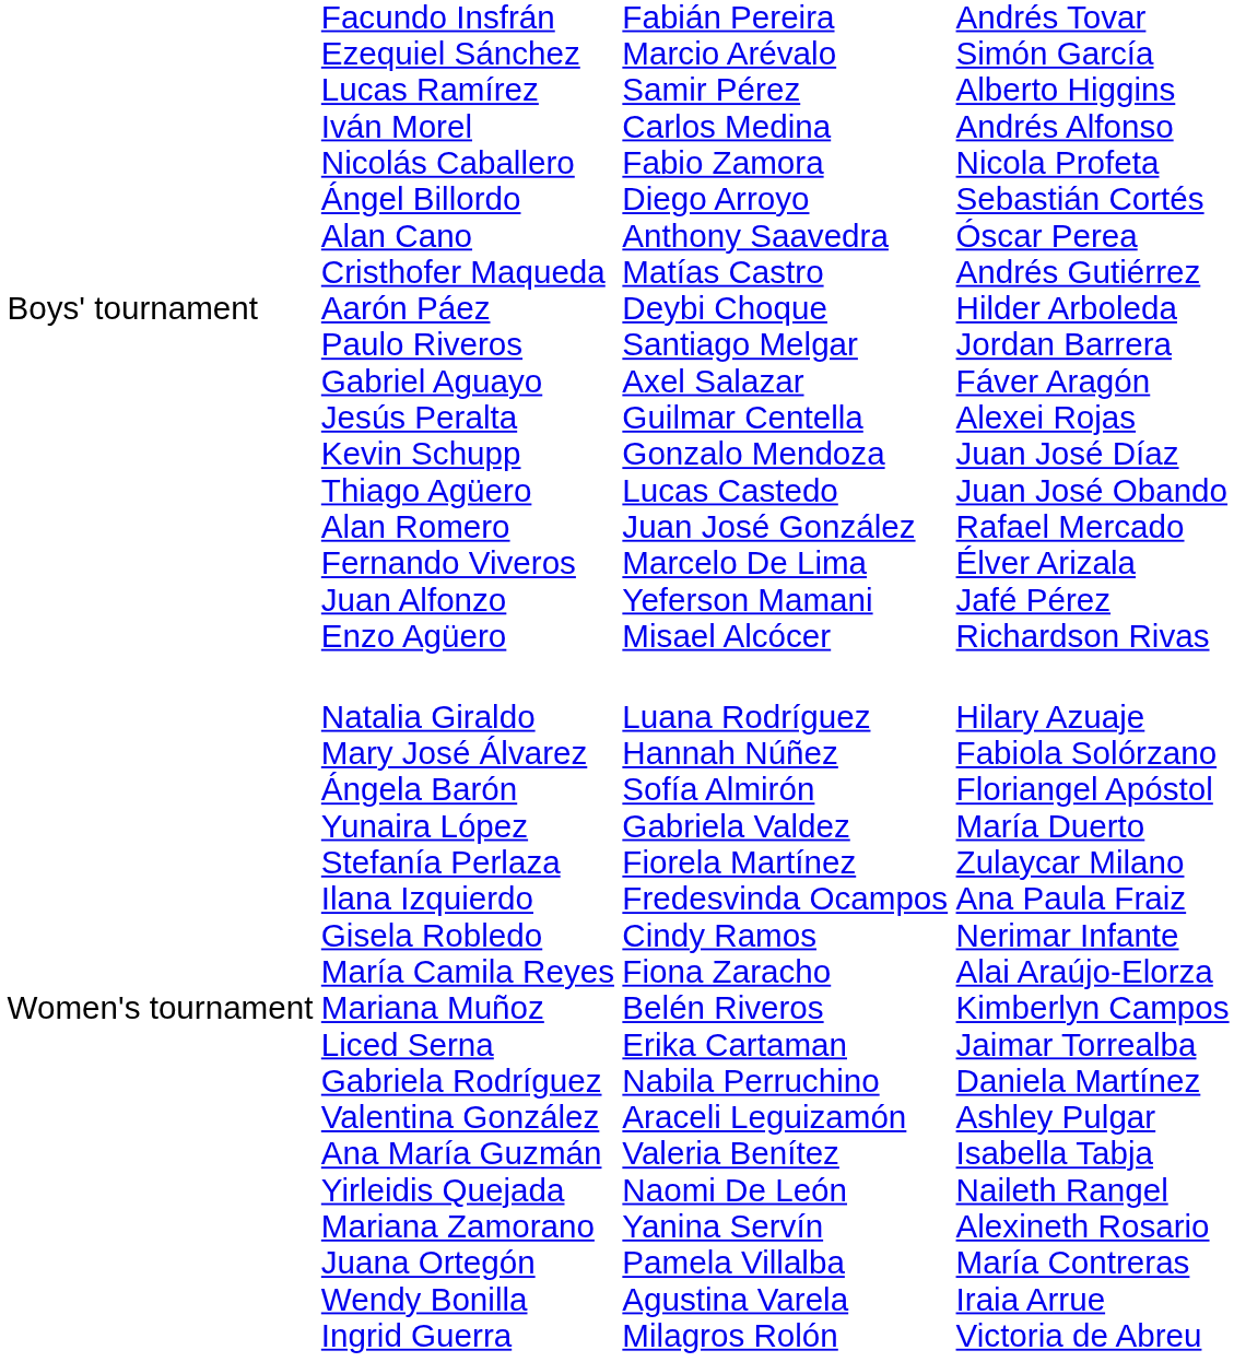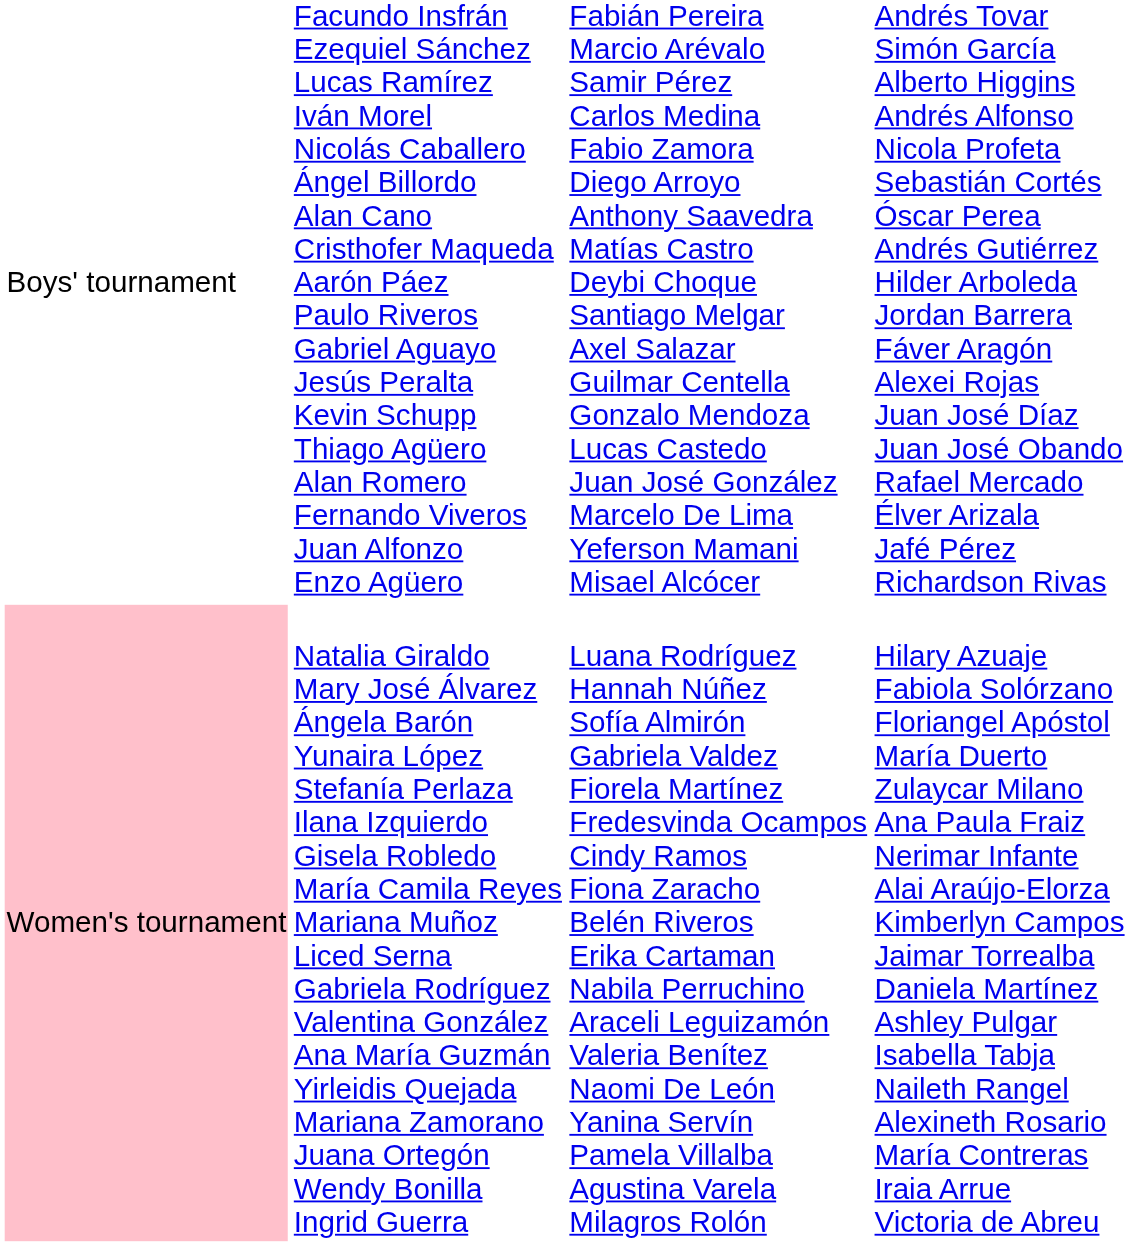 <table>
 <tr>
 <td>Boys' tournament</td>
 <td><br><a href='#'>Facundo Insfrán</a><br><a href='#'>Ezequiel Sánchez</a><br><a href='#'>Lucas Ramírez</a><br><a href='#'>Iván Morel</a><br><a href='#'>Nicolás Caballero</a><br><a href='#'>Ángel Billordo</a><br><a href='#'>Alan Cano</a><br><a href='#'>Cristhofer Maqueda</a><br><a href='#'>Aarón Páez</a><br><a href='#'>Paulo Riveros</a><br><a href='#'>Gabriel Aguayo</a><br><a href='#'>Jesús Peralta</a><br><a href='#'>Kevin Schupp</a><br><a href='#'>Thiago Agüero</a><br><a href='#'>Alan Romero</a><br><a href='#'>Fernando Viveros</a><br><a href='#'>Juan Alfonzo</a><br><a href='#'>Enzo Agüero</a></td>
 <td><br><a href='#'>Fabián Pereira</a><br><a href='#'>Marcio Arévalo</a><br><a href='#'>Samir Pérez</a><br><a href='#'>Carlos Medina</a><br><a href='#'>Fabio Zamora</a><br><a href='#'>Diego Arroyo</a><br><a href='#'>Anthony Saavedra</a><br><a href='#'>Matías Castro</a><br><a href='#'>Deybi Choque</a><br><a href='#'>Santiago Melgar</a><br><a href='#'>Axel Salazar</a><br><a href='#'>Guilmar Centella</a><br><a href='#'>Gonzalo Mendoza</a><br><a href='#'>Lucas Castedo</a><br><a href='#'>Juan José González</a><br><a href='#'>Marcelo De Lima</a><br><a href='#'>Yeferson Mamani</a><br><a href='#'>Misael Alcócer</a></td>
 <td><br><a href='#'>Andrés Tovar</a><br><a href='#'>Simón García</a><br><a href='#'>Alberto Higgins</a><br><a href='#'>Andrés Alfonso</a><br><a href='#'>Nicola Profeta</a><br><a href='#'>Sebastián Cortés</a><br><a href='#'>Óscar Perea</a><br><a href='#'>Andrés Gutiérrez</a><br><a href='#'>Hilder Arboleda</a><br><a href='#'>Jordan Barrera</a><br><a href='#'>Fáver Aragón</a><br><a href='#'>Alexei Rojas</a><br><a href='#'>Juan José Díaz</a><br><a href='#'>Juan José Obando</a><br><a href='#'>Rafael Mercado</a><br><a href='#'>Élver Arizala</a><br><a href='#'>Jafé Pérez</a><br><a href='#'>Richardson Rivas</a></td>
 </tr>
 <tr>
-<td>Women's tournament</td>
+<td style="background: pink;">Women's tournament</td>
 <td><br><a href='#'>Natalia Giraldo</a><br><a href='#'>Mary José Álvarez</a><br><a href='#'>Ángela Barón</a><br><a href='#'>Yunaira López</a><br><a href='#'>Stefanía Perlaza</a><br><a href='#'>Ilana Izquierdo</a><br><a href='#'>Gisela Robledo</a><br><a href='#'>María Camila Reyes</a><br><a href='#'>Mariana Muñoz</a><br><a href='#'>Liced Serna</a><br><a href='#'>Gabriela Rodríguez</a><br><a href='#'>Valentina González</a><br><a href='#'>Ana María Guzmán</a><br><a href='#'>Yirleidis Quejada</a><br><a href='#'>Mariana Zamorano</a><br><a href='#'>Juana Ortegón</a><br><a href='#'>Wendy Bonilla</a><br><a href='#'>Ingrid Guerra</a></td>
 <td><br><a href='#'>Luana Rodríguez</a><br><a href='#'>Hannah Núñez</a><br><a href='#'>Sofía Almirón</a><br><a href='#'>Gabriela Valdez</a><br><a href='#'>Fiorela Martínez</a><br><a href='#'>Fredesvinda Ocampos</a><br><a href='#'>Cindy Ramos</a><br><a href='#'>Fiona Zaracho</a><br><a href='#'>Belén Riveros</a><br><a href='#'>Erika Cartaman</a><br><a href='#'>Nabila Perruchino</a><br><a href='#'>Araceli Leguizamón</a><br><a href='#'>Valeria Benítez</a><br><a href='#'>Naomi De León</a><br><a href='#'>Yanina Servín</a><br><a href='#'>Pamela Villalba</a><br><a href='#'>Agustina Varela</a><br><a href='#'>Milagros Rolón</a></td>
 <td><br><a href='#'>Hilary Azuaje</a><br><a href='#'>Fabiola Solórzano</a><br><a href='#'>Floriangel Apóstol</a><br><a href='#'>María Duerto</a><br><a href='#'>Zulaycar Milano</a><br><a href='#'>Ana Paula Fraiz</a><br><a href='#'>Nerimar Infante</a><br><a href='#'>Alai Araújo-Elorza</a><br><a href='#'>Kimberlyn Campos</a><br><a href='#'>Jaimar Torrealba</a><br><a href='#'>Daniela Martínez</a><br><a href='#'>Ashley Pulgar</a><br><a href='#'>Isabella Tabja</a><br><a href='#'>Naileth Rangel</a><br><a href='#'>Alexineth Rosario</a><br><a href='#'>María Contreras</a><br><a href='#'>Iraia Arrue</a><br><a href='#'>Victoria de Abreu</a></td>
 </tr>
 </table>
